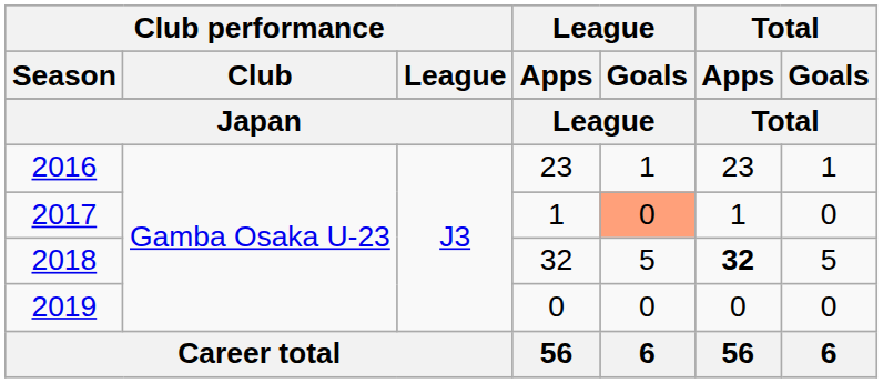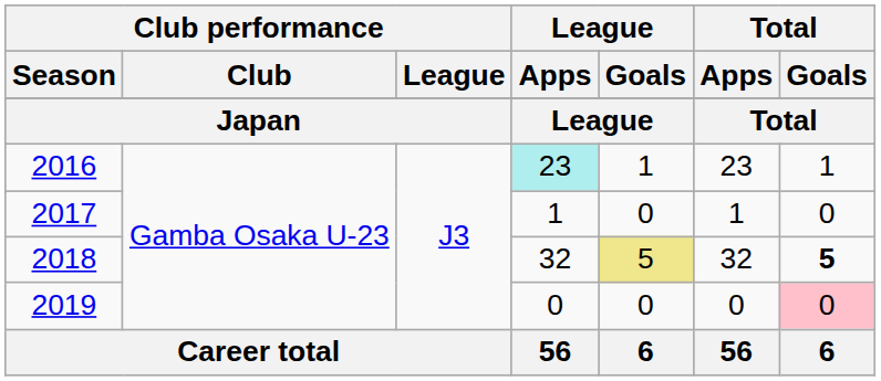 <table class="wikitable" style="text-align:center">
 <tr>
 <th colspan=3>Club performance</th>
 <th colspan=2>League</th>
 <th colspan=2>Total</th>
 </tr>
 <tr>
 <th>Season</th>
 <th>Club</th>
 <th>League</th>
 <th>Apps</th>
 <th>Goals</th>
 <th>Apps</th>
 <th>Goals</th>
 </tr>
 <tr>
 </tr>
 <tr>
 <th colspan=3>Japan</th>
 <th colspan=2>League</th>
 <th colspan=2>Total</th>
 </tr>
 <tr>
 <td><a href='#'>2016</a></td>
 <td rowspan="4"><a href='#'>Gamba Osaka U-23</a></td>
 <td rowspan="4"><a href='#'>J3</a></td>
-<td>23</td>
+<td style="background: paleturquoise;">23</td>
 <td>1</td>
 <td>23</td>
 <td>1</td>
 </tr>
 <tr>
 <td><a href='#'>2017</a></td>
 <td>1</td>
-<td style="background: lightsalmon;">0</td>
+<td>0</td>
 <td>1</td>
 <td>0</td>
 </tr>
 <tr>
 <td><a href='#'>2018</a></td>
 <td>32</td>
-<td>5</td>
-<td><strong>32</strong></td>
-<td>5</td>
+<td style="background: khaki;">5</td>
+<td>32</td>
+<td><strong>5</strong></td>
 </tr>
 <tr>
 <td><a href='#'>2019</a></td>
 <td>0</td>
 <td>0</td>
 <td>0</td>
-<td>0</td>
+<td style="background: pink;">0</td>
 </tr>
 <tr>
 <th colspan=3>Career total</th>
 <th>56</th>
 <th>6</th>
 <th>56</th>
 <th>6</th>
 </tr>
 </table>
